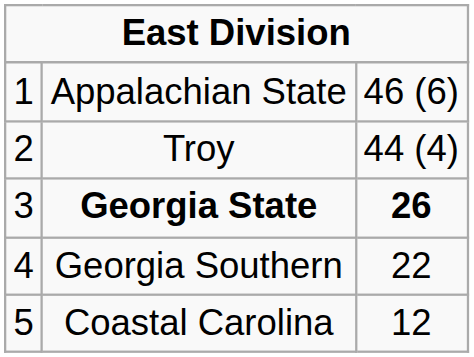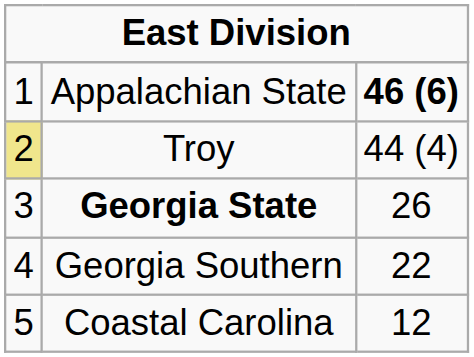 <table class="wikitable">
 <tr align="center">
 <td align="center" Colspan="3"><strong>East Division</strong></td>
 </tr>
 <tr align="center">
 </tr>
 <tr align="center">
 <td>1</td>
 <td>Appalachian State</td>
-<td>46 (6)</td>
+<td><strong>46 (6)</strong></td>
 </tr>
 <tr align="center">
-<td>2</td>
+<td style="background: khaki;">2</td>
 <td>Troy</td>
 <td>44 (4)</td>
 </tr>
 <tr align="center">
 <td>3</td>
 <td><strong>Georgia State</strong></td>
-<td><strong>26</strong></td>
+<td>26</td>
 </tr>
 <tr align="center">
 <td>4</td>
 <td>Georgia Southern</td>
 <td>22</td>
 </tr>
 <tr align="center">
 <td>5</td>
 <td>Coastal Carolina</td>
 <td>12</td>
 </tr>
 </table>
